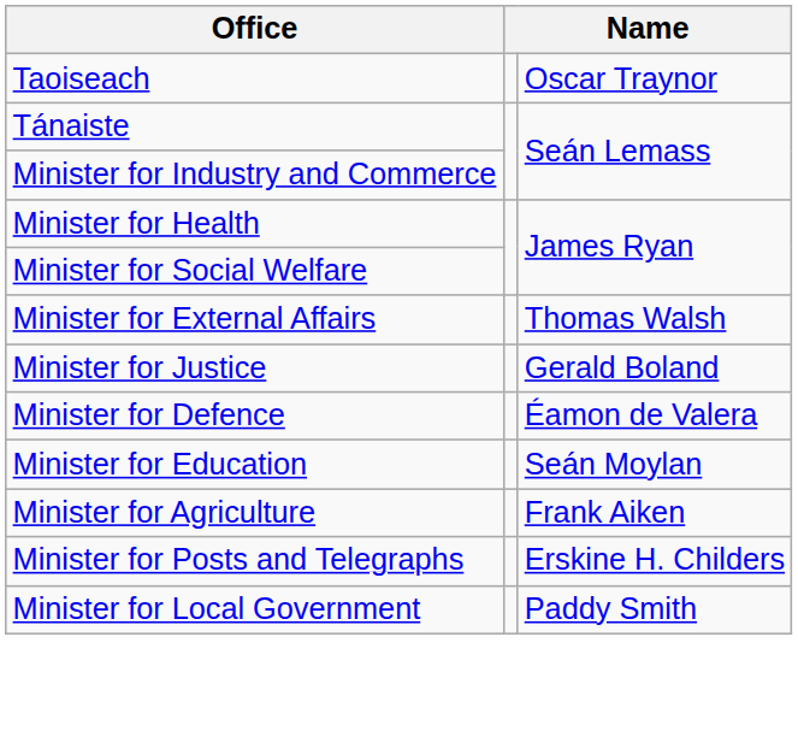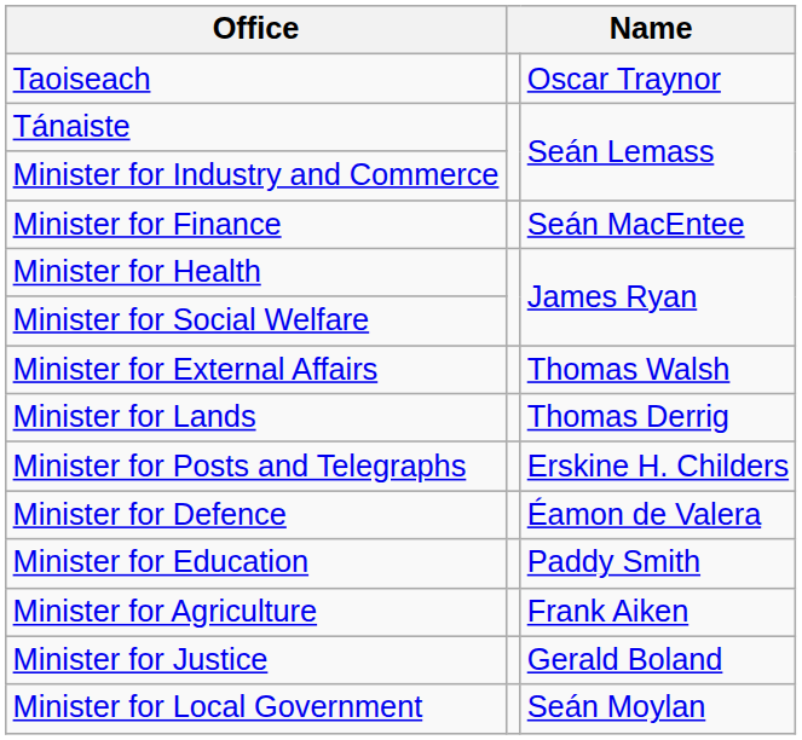 <table class="wikitable">
 <tr>
 <th>Office</th>
 <th colspan="2">Name</th>
 </tr>
 <tr>
 <td><a href='#'>Taoiseach</a></td>
 <td style="background-color: "></td>
 <td><a href='#'>Oscar Traynor</a></td>
 </tr>
 <tr>
 <td><a href='#'>Tánaiste</a></td>
 <td rowspan=2 style="background-color: "></td>
 <td rowspan=2><a href='#'>Seán Lemass</a></td>
 </tr>
 <tr>
 <td><a href='#'>Minister for Industry and Commerce</a></td>
 </tr>
 <tr>
+<td><a href='#'>Minister for Finance</a></td>
+<td style="background-color: "></td>
+<td><a href='#'>Seán MacEntee</a></td>
+</tr>
+<tr>
 <td><a href='#'>Minister for Health</a></td>
 <td rowspan=2 style="background-color: "></td>
 <td rowspan=2><a href='#'>James Ryan</a></td>
 </tr>
 <tr>
 <td><a href='#'>Minister for Social Welfare</a></td>
 </tr>
 <tr>
 <td><a href='#'>Minister for External Affairs</a></td>
 <td style="background-color: "></td>
 <td><a href='#'>Thomas Walsh</a></td>
 </tr>
 <tr>
-<td><a href='#'>Minister for Justice</a></td>
+<td><a href='#'>Minister for Lands</a></td>
 <td style="background-color: "></td>
-<td><a href='#'>Gerald Boland</a></td>
+<td><a href='#'>Thomas Derrig</a></td>
+</tr>
+<tr>
+<td><a href='#'>Minister for Posts and Telegraphs</a></td>
+<td style="background-color: "></td>
+<td><a href='#'>Erskine H. Childers</a></td>
 </tr>
 <tr>
 <td><a href='#'>Minister for Defence</a></td>
 <td style="background-color: "></td>
 <td><a href='#'>Éamon de Valera</a></td>
 </tr>
 <tr>
 <td><a href='#'>Minister for Education</a></td>
 <td style="background-color: "></td>
-<td><a href='#'>Seán Moylan</a></td>
+<td><a href='#'>Paddy Smith</a></td>
 </tr>
 <tr>
 <td><a href='#'>Minister for Agriculture</a></td>
 <td style="background-color: "></td>
 <td><a href='#'>Frank Aiken</a></td>
 </tr>
 <tr>
-<td><a href='#'>Minister for Posts and Telegraphs</a></td>
+<td><a href='#'>Minister for Justice</a></td>
 <td style="background-color: "></td>
-<td><a href='#'>Erskine H. Childers</a></td>
+<td><a href='#'>Gerald Boland</a></td>
 </tr>
 <tr>
 <td><a href='#'>Minister for Local Government</a></td>
 <td style="background-color: "></td>
-<td><a href='#'>Paddy Smith</a></td>
+<td><a href='#'>Seán Moylan</a></td>
 </tr>
 </table>
